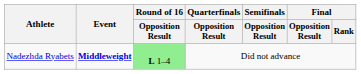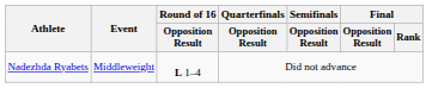 <table class="wikitable" style="font-size:90%">
 <tr>
 <th rowspan="2">Athlete</th>
 <th rowspan="2">Event</th>
 <th>Round of 16</th>
 <th>Quarterfinals</th>
 <th>Semifinals</th>
 <th colspan=2>Final</th>
 </tr>
 <tr style="font-size:95%">
 <th>Opposition<br>Result</th>
 <th>Opposition<br>Result</th>
 <th>Opposition<br>Result</th>
 <th>Opposition<br>Result</th>
 <th>Rank</th>
 </tr>
 <tr align=center>
 <td align=left><a href='#'>Nadezhda Ryabets</a></td>
-<td align=left><strong><a href='#'>Middleweight</a></strong></td>
-<td style="background: lightgreen;"><br><strong>L</strong> 1–4</td>
+<td align=left><a href='#'>Middleweight</a></td>
+<td><br><strong>L</strong> 1–4</td>
 <td colspan=4>Did not advance</td>
 </tr>
 </table>
